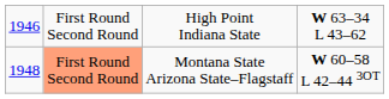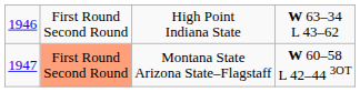 <table class="wikitable">
 <tr align="center">
 <td><a href='#'>1946</a></td>
 <td>First Round<br>Second Round</td>
 <td>High Point<br>Indiana State</td>
 <td><strong>W</strong> 63–34<br>L 43–62</td>
 </tr>
 <tr align="center">
-<td><a href='#'>1948</a></td>
+<td><a href='#'>1947</a></td>
 <td style="background: lightsalmon;">First Round<br>Second Round</td>
 <td>Montana State<br>Arizona State–Flagstaff</td>
 <td><strong>W</strong> 60–58<br>L 42–44 <sup>3OT</sup></td>
 </tr>
 </table>
